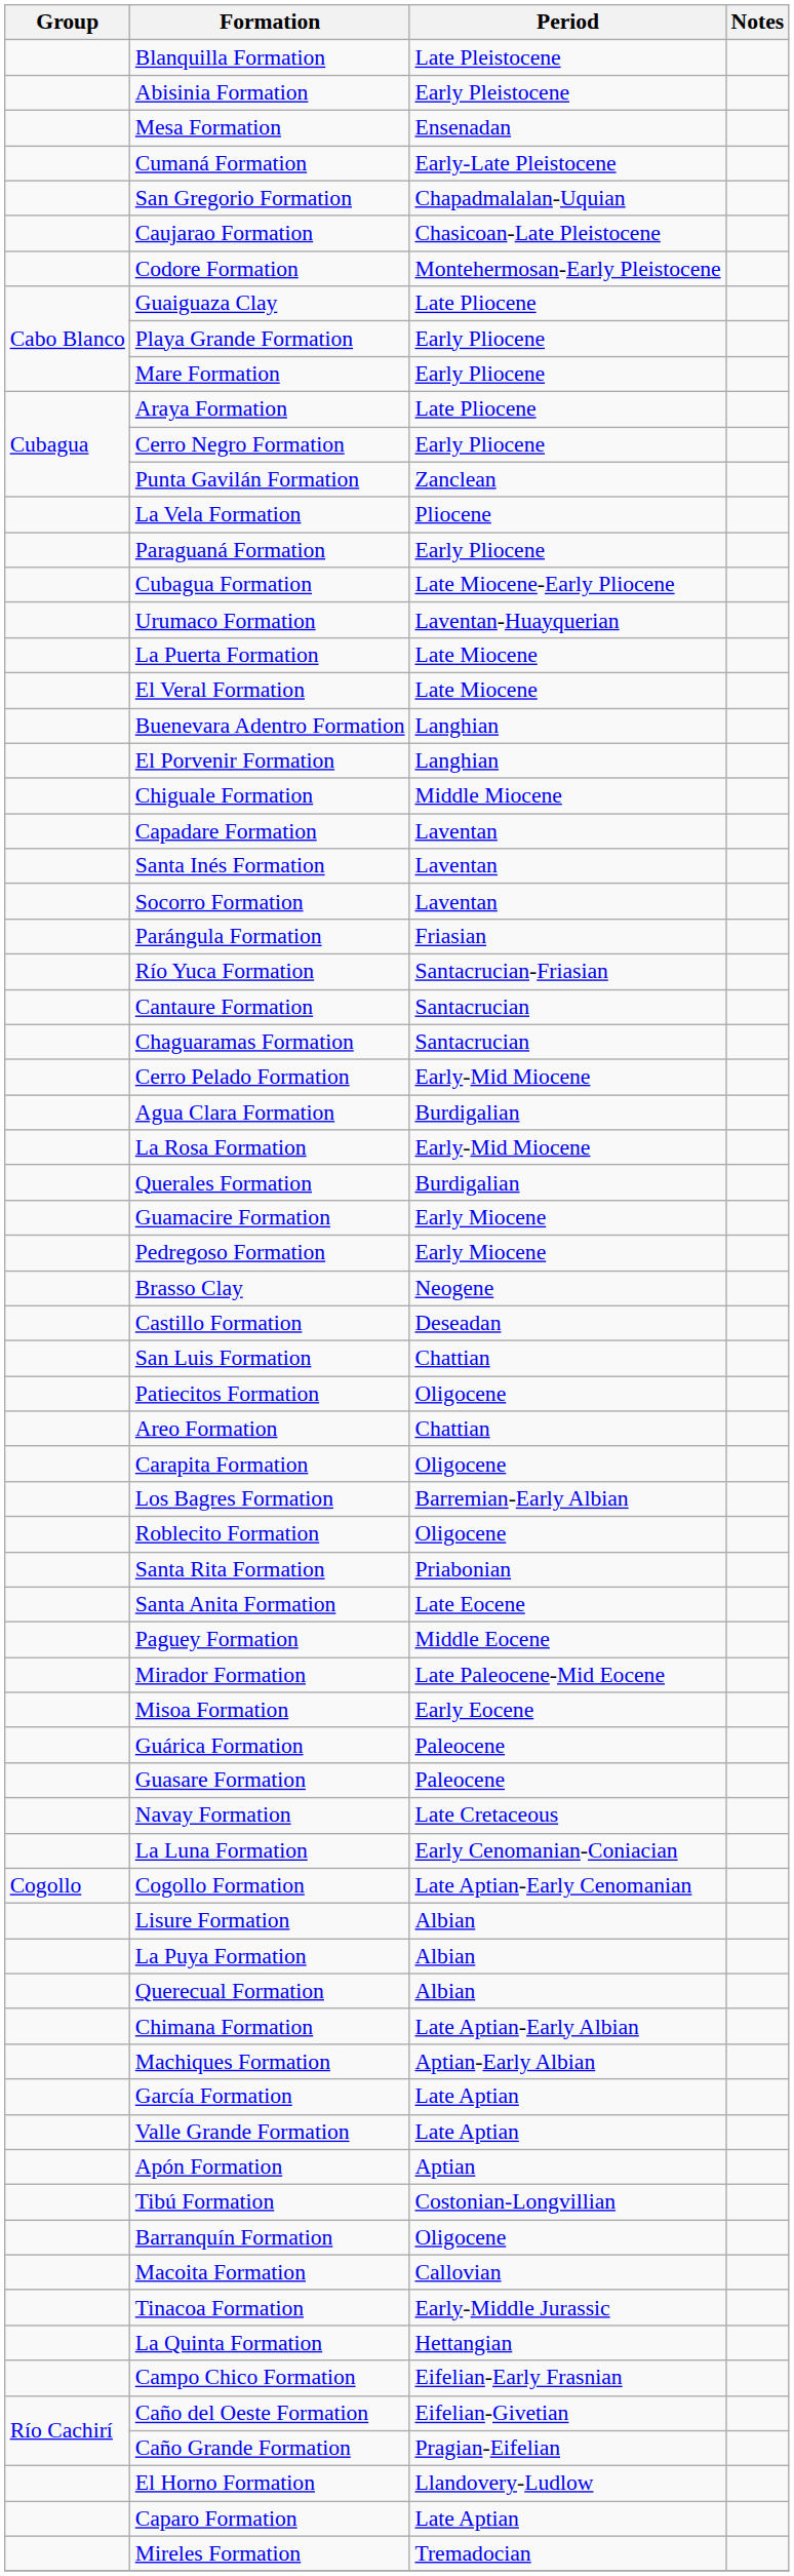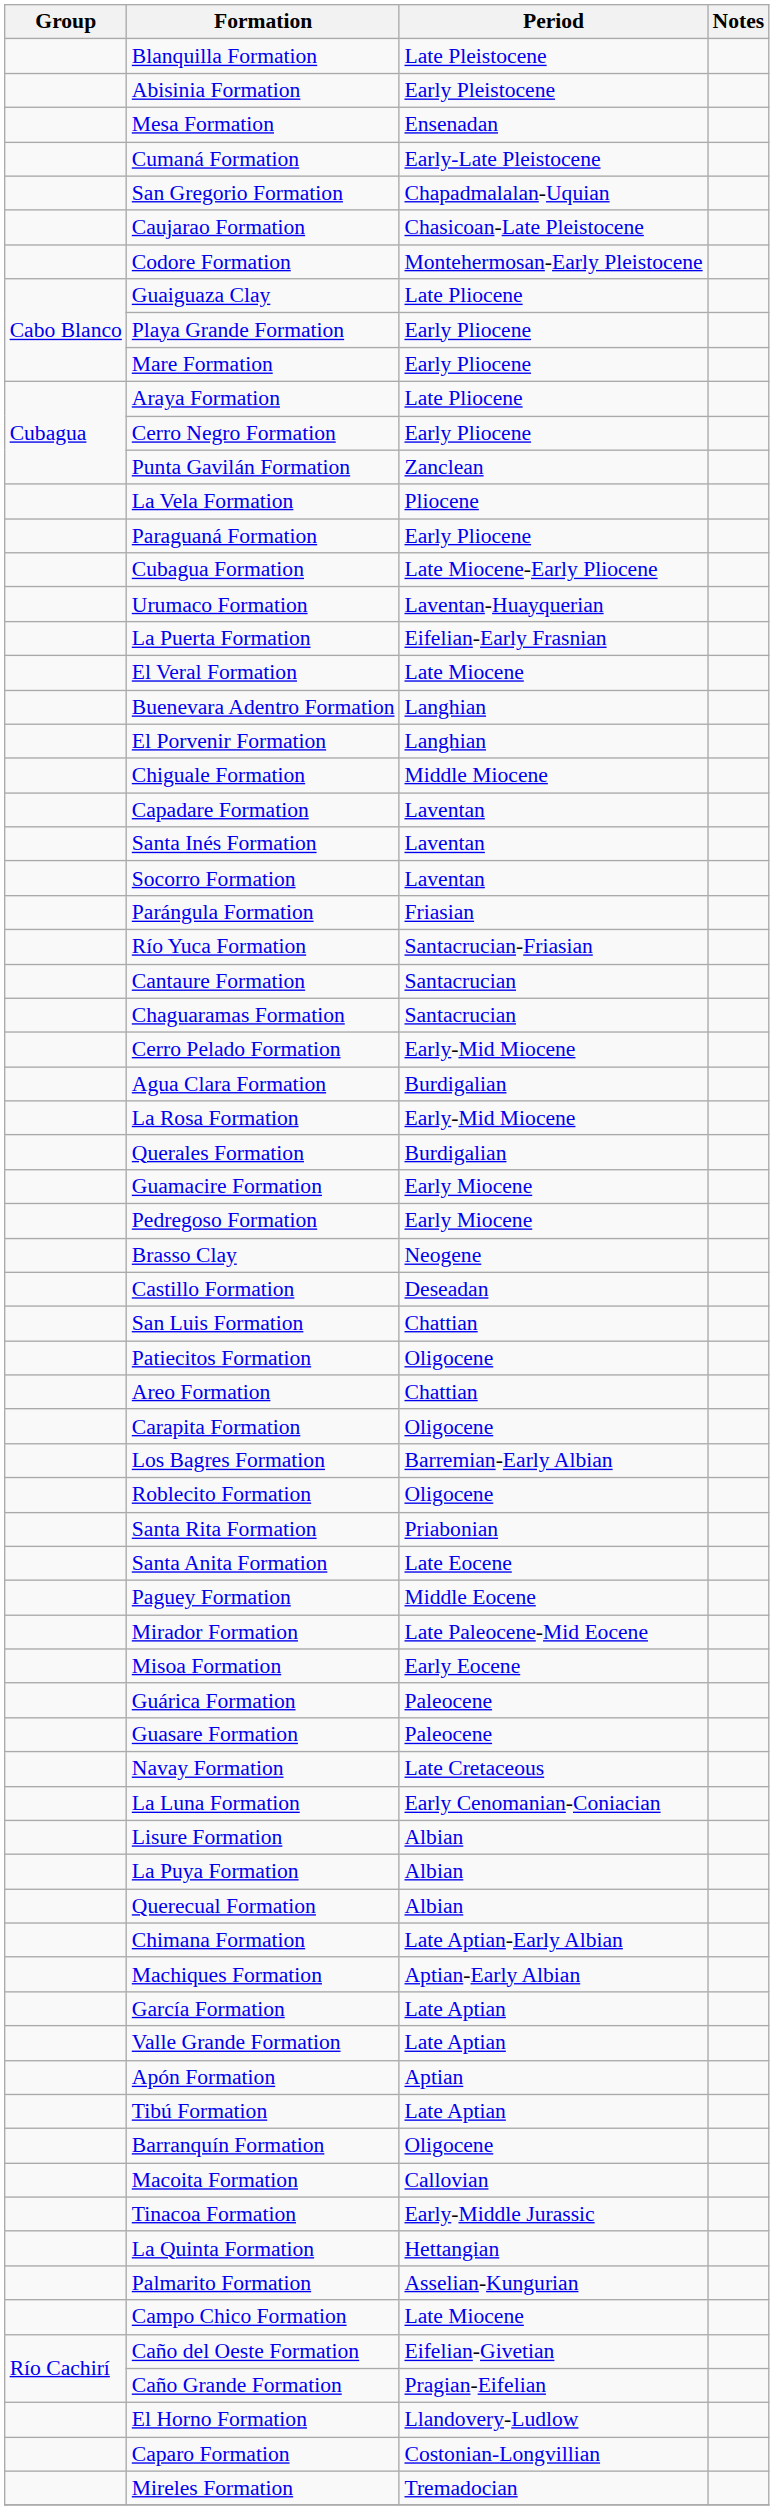 <table class="wikitable sortable">
 <tr>
 <th>Group</th>
 <th>Formation</th>
 <th>Period</th>
 <th class="unsortable">Notes</th>
 </tr>
 <tr>
 <td></td>
 <td><a href='#'>Blanquilla Formation</a></td>
 <td style="background-color: "><a href='#'>Late Pleistocene</a></td>
 <td align=center></td>
 </tr>
 <tr>
 <td></td>
 <td><a href='#'>Abisinia Formation</a></td>
 <td style="background-color: "><a href='#'>Early Pleistocene</a></td>
 <td align=center></td>
 </tr>
 <tr>
 <td></td>
 <td><a href='#'>Mesa Formation</a></td>
 <td style="background-color: "><a href='#'>Ensenadan</a></td>
 <td align=center></td>
 </tr>
 <tr>
 <td></td>
 <td><a href='#'>Cumaná Formation</a></td>
 <td style="background-color: "><a href='#'>Early-Late Pleistocene</a></td>
 <td align=center></td>
 </tr>
 <tr>
 <td></td>
 <td><a href='#'>San Gregorio Formation</a></td>
 <td style="background-color: "><a href='#'>Chapadmalalan</a>-<a href='#'>Uquian</a></td>
 <td align=center></td>
 </tr>
 <tr>
 <td></td>
 <td><a href='#'>Caujarao Formation</a></td>
 <td style="background-color: "><a href='#'>Chasicoan</a>-<a href='#'>Late Pleistocene</a></td>
 <td align=center></td>
 </tr>
 <tr>
 <td></td>
 <td><a href='#'>Codore Formation</a></td>
 <td style="background-color: "><a href='#'>Montehermosan</a>-<a href='#'>Early Pleistocene</a></td>
 <td align=center></td>
 </tr>
 <tr>
 <td rowspan=3><a href='#'>Cabo Blanco</a></td>
 <td><a href='#'>Guaiguaza Clay</a></td>
 <td style="background-color: "><a href='#'>Late Pliocene</a></td>
 <td align=center></td>
 </tr>
 <tr>
 <td><a href='#'>Playa Grande Formation</a></td>
 <td style="background-color: "><a href='#'>Early Pliocene</a></td>
 <td align=center></td>
 </tr>
 <tr>
 <td><a href='#'>Mare Formation</a></td>
 <td style="background-color: "><a href='#'>Early Pliocene</a></td>
 <td align=center></td>
 </tr>
 <tr>
 <td rowspan=3><a href='#'>Cubagua</a></td>
 <td><a href='#'>Araya Formation</a></td>
 <td style="background-color: "><a href='#'>Late Pliocene</a></td>
 <td align=center></td>
 </tr>
 <tr>
 <td><a href='#'>Cerro Negro Formation</a></td>
 <td style="background-color: "><a href='#'>Early Pliocene</a></td>
 <td align=center></td>
 </tr>
 <tr>
 <td><a href='#'>Punta Gavilán Formation</a></td>
 <td style="background-color: "><a href='#'>Zanclean</a></td>
 <td align=center></td>
 </tr>
 <tr>
 <td></td>
 <td><a href='#'>La Vela Formation</a></td>
 <td style="background-color: "><a href='#'>Pliocene</a></td>
 <td align=center></td>
 </tr>
 <tr>
 <td></td>
 <td><a href='#'>Paraguaná Formation</a></td>
 <td style="background-color: "><a href='#'>Early Pliocene</a></td>
 <td align=center></td>
 </tr>
 <tr>
 <td></td>
 <td><a href='#'>Cubagua Formation</a></td>
 <td style="background-color: "><a href='#'>Late Miocene</a>-<a href='#'>Early Pliocene</a></td>
 <td align=center></td>
 </tr>
 <tr>
 <td></td>
 <td><a href='#'>Urumaco Formation</a></td>
 <td style="background-color: "><a href='#'>Laventan</a>-<a href='#'>Huayquerian</a></td>
 <td align=center></td>
 </tr>
 <tr>
 <td></td>
 <td><a href='#'>La Puerta Formation</a></td>
-<td style="background-color: "><a href='#'>Late Miocene</a></td>
+<td style="background-color: "><a href='#'>Eifelian</a>-<a href='#'>Early Frasnian</a></td>
 <td align=center></td>
 </tr>
 <tr>
 <td></td>
 <td><a href='#'>El Veral Formation</a></td>
 <td style="background-color: "><a href='#'>Late Miocene</a></td>
 <td align=center></td>
 </tr>
 <tr>
 <td></td>
 <td><a href='#'>Buenevara Adentro Formation</a></td>
 <td style="background-color: "><a href='#'>Langhian</a></td>
 <td align=center></td>
 </tr>
 <tr>
 <td></td>
 <td><a href='#'>El Porvenir Formation</a></td>
 <td style="background-color: "><a href='#'>Langhian</a></td>
 <td align=center></td>
 </tr>
 <tr>
 <td></td>
 <td><a href='#'>Chiguale Formation</a></td>
 <td style="background-color: "><a href='#'>Middle Miocene</a></td>
 <td align=center></td>
 </tr>
 <tr>
 <td></td>
 <td><a href='#'>Capadare Formation</a></td>
 <td style="background-color: "><a href='#'>Laventan</a></td>
 <td align=center></td>
 </tr>
 <tr>
 <td></td>
 <td><a href='#'>Santa Inés Formation</a></td>
 <td style="background-color: "><a href='#'>Laventan</a></td>
 <td align=center></td>
 </tr>
 <tr>
 <td></td>
 <td><a href='#'>Socorro Formation</a></td>
 <td style="background-color: "><a href='#'>Laventan</a></td>
 <td align=center></td>
 </tr>
 <tr>
 <td></td>
 <td><a href='#'>Parángula Formation</a></td>
 <td style="background-color: "><a href='#'>Friasian</a></td>
 <td align=center></td>
 </tr>
 <tr>
 <td></td>
 <td><a href='#'>Río Yuca Formation</a></td>
 <td style="background-color: "><a href='#'>Santacrucian</a>-<a href='#'>Friasian</a></td>
 <td align=center></td>
 </tr>
 <tr>
 <td></td>
 <td><a href='#'>Cantaure Formation</a></td>
 <td style="background-color: "><a href='#'>Santacrucian</a></td>
 <td align=center></td>
 </tr>
 <tr>
 <td></td>
 <td><a href='#'>Chaguaramas Formation</a></td>
 <td style="background-color: "><a href='#'>Santacrucian</a></td>
 <td align=center></td>
 </tr>
 <tr>
 <td></td>
 <td><a href='#'>Cerro Pelado Formation</a></td>
 <td style="background-color: "><a href='#'>Early</a>-<a href='#'>Mid Miocene</a></td>
 <td align=center></td>
 </tr>
 <tr>
 <td></td>
 <td><a href='#'>Agua Clara Formation</a></td>
 <td style="background-color: "><a href='#'>Burdigalian</a></td>
 <td align=center></td>
 </tr>
 <tr>
 <td></td>
 <td><a href='#'>La Rosa Formation</a></td>
 <td style="background-color: "><a href='#'>Early</a>-<a href='#'>Mid Miocene</a></td>
 <td align=center></td>
 </tr>
 <tr>
 <td></td>
 <td><a href='#'>Querales Formation</a></td>
 <td style="background-color: "><a href='#'>Burdigalian</a></td>
 <td align=center></td>
 </tr>
 <tr>
 <td></td>
 <td><a href='#'>Guamacire Formation</a></td>
 <td style="background-color: "><a href='#'>Early Miocene</a></td>
 <td align=center></td>
 </tr>
 <tr>
 <td></td>
 <td><a href='#'>Pedregoso Formation</a></td>
 <td style="background-color: "><a href='#'>Early Miocene</a></td>
 <td align=center></td>
 </tr>
 <tr>
 <td></td>
 <td><a href='#'>Brasso Clay</a></td>
 <td style="background-color: "><a href='#'>Neogene</a></td>
 <td align=center></td>
 </tr>
 <tr>
 <td></td>
 <td><a href='#'>Castillo Formation</a></td>
 <td style="background-color: "><a href='#'>Deseadan</a></td>
 <td align=center></td>
 </tr>
 <tr>
 <td></td>
 <td><a href='#'>San Luis Formation</a></td>
 <td style="background-color: "><a href='#'>Chattian</a></td>
 <td align=center></td>
 </tr>
 <tr>
 <td></td>
 <td><a href='#'>Patiecitos Formation</a></td>
 <td style="background-color: "><a href='#'>Oligocene</a></td>
 <td align=center></td>
 </tr>
 <tr>
 <td></td>
 <td><a href='#'>Areo Formation</a></td>
 <td style="background-color: "><a href='#'>Chattian</a></td>
 <td align=center></td>
 </tr>
 <tr>
 <td></td>
 <td><a href='#'>Carapita Formation</a></td>
 <td style="background-color: "><a href='#'>Oligocene</a></td>
 <td align=center></td>
 </tr>
 <tr>
 <td></td>
 <td><a href='#'>Los Bagres Formation</a></td>
 <td style="background-color: "><a href='#'>Barremian</a>-<a href='#'>Early Albian</a></td>
 <td align=center></td>
 </tr>
 <tr>
 <td></td>
 <td><a href='#'>Roblecito Formation</a></td>
 <td style="background-color: "><a href='#'>Oligocene</a></td>
 <td align=center></td>
 </tr>
 <tr>
 <td></td>
 <td><a href='#'>Santa Rita Formation</a></td>
 <td style="background-color: "><a href='#'>Priabonian</a></td>
 <td align=center></td>
 </tr>
 <tr>
 <td></td>
 <td><a href='#'>Santa Anita Formation</a></td>
 <td style="background-color: "><a href='#'>Late Eocene</a></td>
 <td align=center></td>
 </tr>
 <tr>
 <td></td>
 <td><a href='#'>Paguey Formation</a></td>
 <td style="background-color: "><a href='#'>Middle Eocene</a></td>
 <td align=center></td>
 </tr>
 <tr>
 <td></td>
 <td><a href='#'>Mirador Formation</a></td>
 <td style="background-color: "><a href='#'>Late Paleocene</a>-<a href='#'>Mid Eocene</a></td>
 <td align=center></td>
 </tr>
 <tr>
 <td></td>
 <td><a href='#'>Misoa Formation</a></td>
 <td style="background-color: "><a href='#'>Early Eocene</a></td>
 <td align=center></td>
 </tr>
 <tr>
 <td></td>
 <td><a href='#'>Guárica Formation</a></td>
 <td style="background-color: "><a href='#'>Paleocene</a></td>
 <td align=center></td>
 </tr>
 <tr>
 <td></td>
 <td><a href='#'>Guasare Formation</a></td>
 <td style="background-color: "><a href='#'>Paleocene</a></td>
 <td align=center></td>
 </tr>
 <tr>
 <td></td>
 <td><a href='#'>Navay Formation</a></td>
 <td style="background-color: "><a href='#'>Late Cretaceous</a></td>
 <td align=center></td>
 </tr>
 <tr>
 <td></td>
 <td><a href='#'>La Luna Formation</a></td>
 <td style="background-color: "><a href='#'>Early Cenomanian</a>-<a href='#'>Coniacian</a></td>
 <td align=center></td>
 </tr>
 <tr>
-<td><a href='#'>Cogollo</a></td>
-<td><a href='#'>Cogollo Formation</a></td>
-<td style="background-color: "><a href='#'>Late Aptian</a>-<a href='#'>Early Cenomanian</a></td>
-<td align=center></td>
-</tr>
-<tr>
 <td></td>
 <td><a href='#'>Lisure Formation</a></td>
 <td style="background-color: "><a href='#'>Albian</a></td>
 <td align=center></td>
 </tr>
 <tr>
 <td></td>
 <td><a href='#'>La Puya Formation</a></td>
 <td style="background-color: "><a href='#'>Albian</a></td>
 <td align=center></td>
 </tr>
 <tr>
 <td></td>
 <td><a href='#'>Querecual Formation</a></td>
 <td style="background-color: "><a href='#'>Albian</a></td>
 <td align=center></td>
 </tr>
 <tr>
 <td></td>
 <td><a href='#'>Chimana Formation</a></td>
 <td style="background-color: "><a href='#'>Late Aptian</a>-<a href='#'>Early Albian</a></td>
 <td align=center></td>
 </tr>
 <tr>
 <td></td>
 <td><a href='#'>Machiques Formation</a></td>
 <td style="background-color: "><a href='#'>Aptian</a>-<a href='#'>Early Albian</a></td>
 <td align=center></td>
 </tr>
 <tr>
 <td></td>
 <td><a href='#'>García Formation</a></td>
 <td style="background-color: "><a href='#'>Late Aptian</a></td>
 <td align=center></td>
 </tr>
 <tr>
 <td></td>
 <td><a href='#'>Valle Grande Formation</a></td>
 <td style="background-color: "><a href='#'>Late Aptian</a></td>
 <td align=center></td>
 </tr>
 <tr>
 <td></td>
 <td><a href='#'>Apón Formation</a></td>
 <td style="background-color: "><a href='#'>Aptian</a></td>
 <td align=center></td>
 </tr>
 <tr>
 <td></td>
 <td><a href='#'>Tibú Formation</a></td>
-<td style="background-color: "><a href='#'>Costonian-Longvillian</a></td>
+<td style="background-color: "><a href='#'>Late Aptian</a></td>
 <td align=center></td>
 </tr>
 <tr>
 <td></td>
 <td><a href='#'>Barranquín Formation</a></td>
 <td style="background-color: "><a href='#'>Oligocene</a></td>
 <td align=center></td>
 </tr>
 <tr>
 <td></td>
 <td><a href='#'>Macoita Formation</a></td>
 <td style="background-color: "><a href='#'>Callovian</a></td>
 <td align=center></td>
 </tr>
 <tr>
 <td></td>
 <td><a href='#'>Tinacoa Formation</a></td>
 <td style="background-color: "><a href='#'>Early</a>-<a href='#'>Middle Jurassic</a></td>
 <td align=center></td>
 </tr>
 <tr>
 <td></td>
 <td><a href='#'>La Quinta Formation</a></td>
 <td style="background-color: "><a href='#'>Hettangian</a></td>
 <td align=center></td>
 </tr>
 <tr>
 <td></td>
+<td><a href='#'>Palmarito Formation</a></td>
+<td style="background-color: "><a href='#'>Asselian</a>-<a href='#'>Kungurian</a></td>
+<td align=center></td>
+</tr>
+<tr>
+<td></td>
 <td><a href='#'>Campo Chico Formation</a></td>
-<td style="background-color: "><a href='#'>Eifelian</a>-<a href='#'>Early Frasnian</a></td>
+<td style="background-color: "><a href='#'>Late Miocene</a></td>
 <td align=center></td>
 </tr>
 <tr>
 <td rowspan=2><a href='#'>Río Cachirí</a></td>
 <td><a href='#'>Caño del Oeste Formation</a></td>
 <td style="background-color: "><a href='#'>Eifelian</a>-<a href='#'>Givetian</a></td>
 <td align=center></td>
 </tr>
 <tr>
 <td><a href='#'>Caño Grande Formation</a></td>
 <td style="background-color: "><a href='#'>Pragian</a>-<a href='#'>Eifelian</a></td>
 <td align=center></td>
 </tr>
 <tr>
 <td></td>
 <td><a href='#'>El Horno Formation</a></td>
 <td style="background-color: "><a href='#'>Llandovery</a>-<a href='#'>Ludlow</a></td>
 <td align=center></td>
 </tr>
 <tr>
 <td></td>
 <td><a href='#'>Caparo Formation</a></td>
-<td style="background-color: "><a href='#'>Late Aptian</a></td>
+<td style="background-color: "><a href='#'>Costonian-Longvillian</a></td>
 <td align=center></td>
 </tr>
 <tr>
 <td></td>
 <td><a href='#'>Mireles Formation</a></td>
 <td style="background-color: "><a href='#'>Tremadocian</a></td>
 <td align=center></td>
 </tr>
 <tr>
 </tr>
 </table>
